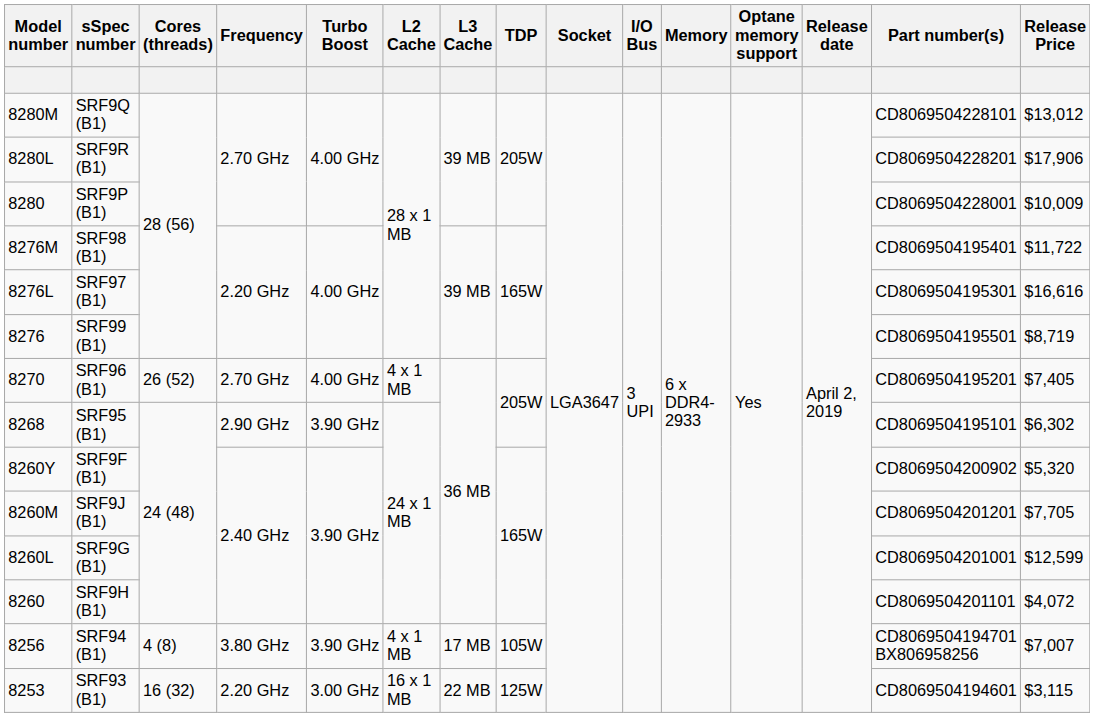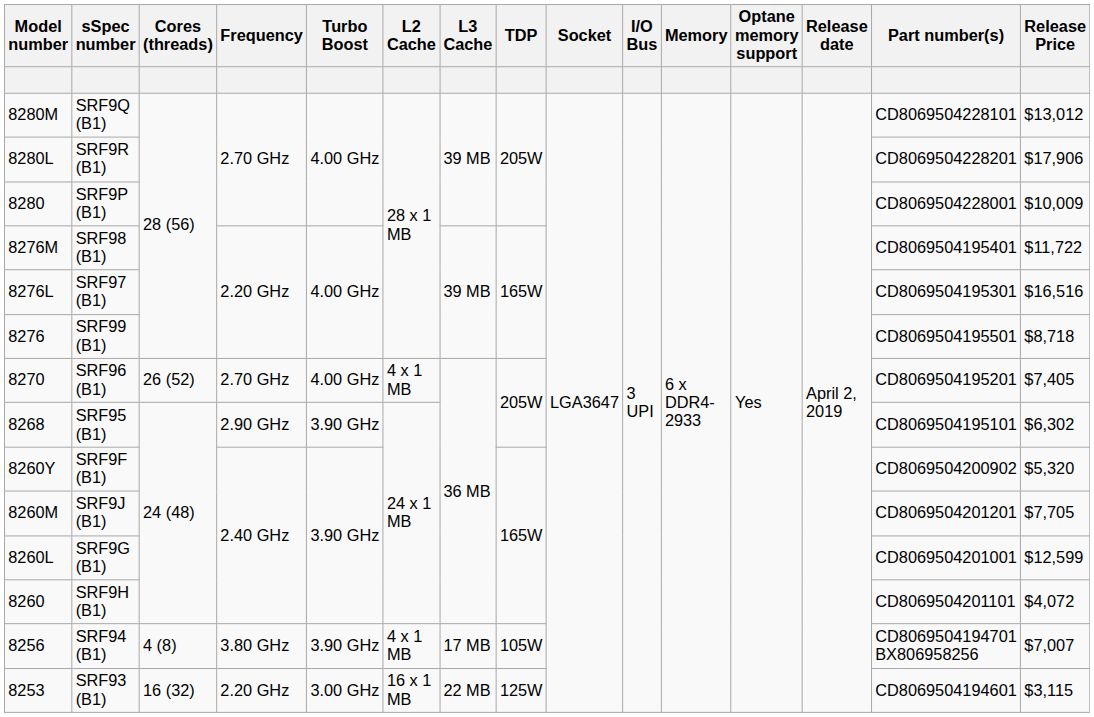 <table class="wikitable sortable hover-highlight">
 <tr>
 <th>Model number</th>
 <th>sSpec number</th>
 <th>Cores (threads)</th>
 <th>Frequency</th>
 <th>Turbo Boost</th>
 <th>L2 Cache</th>
 <th>L3 Cache</th>
 <th>TDP</th>
 <th>Socket</th>
 <th>I/O Bus</th>
 <th>Memory</th>
 <th>Optane memory support</th>
 <th>Release date</th>
 <th>Part number(s)</th>
 <th>Release Price</th>
 </tr>
 <tr>
 <th style="background-position:center"><br></th>
 <th style="background-position:center"></th>
 <th style="background-position:center"></th>
 <th style="background-position:center"></th>
 <th style="background-position:center"></th>
 <th style="background-position:center"></th>
 <th style="background-position:center"></th>
 <th style="background-position:center"></th>
 <th style="background-position:center"></th>
 <th style="background-position:center"></th>
 <th style="background-position:center"></th>
 <th style="background-position:center"></th>
 <th style="background-position:center"></th>
 <th style="background-position:center"></th>
 <th style="background-position:center"></th>
 </tr>
 <tr>
 <td>8280M</td>
 <td>SRF9Q (B1)</td>
 <td rowspan="6">28 (56)</td>
 <td rowspan="3">2.70 GHz</td>
 <td rowspan="3">4.00 GHz</td>
 <td rowspan="6">28 x 1 MB</td>
 <td rowspan="3">39 MB</td>
 <td rowspan="3">205W</td>
 <td rowspan="14">LGA3647</td>
 <td rowspan="14">3 UPI</td>
 <td rowspan="14">6 x DDR4-2933</td>
 <td rowspan="14">Yes</td>
 <td rowspan="14">April 2, 2019</td>
 <td>CD8069504228101</td>
 <td>$13,012</td>
 </tr>
 <tr>
 <td>8280L</td>
 <td>SRF9R (B1)</td>
 <td>CD8069504228201</td>
 <td>$17,906</td>
 </tr>
 <tr>
 <td>8280</td>
 <td>SRF9P (B1)</td>
 <td>CD8069504228001</td>
 <td>$10,009</td>
 </tr>
 <tr>
 <td>8276M</td>
 <td>SRF98 (B1)</td>
 <td rowspan="3">2.20 GHz</td>
 <td rowspan="3">4.00 GHz</td>
 <td rowspan="3">39 MB</td>
 <td rowspan="3">165W</td>
 <td>CD8069504195401</td>
 <td>$11,722</td>
 </tr>
 <tr>
 <td>8276L</td>
 <td>SRF97 (B1)</td>
 <td>CD8069504195301</td>
-<td>$16,616</td>
+<td>$16,516</td>
 </tr>
 <tr>
 <td>8276</td>
 <td>SRF99 (B1)</td>
 <td>CD8069504195501</td>
-<td>$8,719</td>
+<td>$8,718</td>
 </tr>
 <tr>
 <td>8270</td>
 <td>SRF96 (B1)</td>
 <td>26 (52)</td>
 <td>2.70 GHz</td>
 <td>4.00 GHz</td>
 <td>4 x 1 MB</td>
 <td rowspan="6">36 MB</td>
 <td rowspan="2">205W</td>
 <td>CD8069504195201</td>
 <td>$7,405</td>
 </tr>
 <tr>
 <td>8268</td>
 <td>SRF95 (B1)</td>
 <td rowspan="5">24 (48)</td>
 <td>2.90 GHz</td>
 <td>3.90 GHz</td>
 <td rowspan="5">24 x 1 MB</td>
 <td>CD8069504195101</td>
 <td>$6,302</td>
 </tr>
 <tr>
 <td>8260Y</td>
 <td>SRF9F (B1)</td>
 <td rowspan="4">2.40 GHz</td>
 <td rowspan="4">3.90 GHz</td>
 <td rowspan="4">165W</td>
 <td>CD8069504200902</td>
 <td>$5,320</td>
 </tr>
 <tr>
 <td>8260M</td>
 <td>SRF9J (B1)</td>
 <td>CD8069504201201</td>
 <td>$7,705</td>
 </tr>
 <tr>
 <td>8260L</td>
 <td>SRF9G (B1)</td>
 <td>CD8069504201001</td>
 <td>$12,599</td>
 </tr>
 <tr>
 <td>8260</td>
 <td>SRF9H (B1)</td>
 <td>CD8069504201101</td>
 <td>$4,072</td>
 </tr>
 <tr>
 <td>8256</td>
 <td>SRF94 (B1)</td>
 <td>4 (8)</td>
 <td>3.80 GHz</td>
 <td>3.90 GHz</td>
 <td>4 x 1 MB</td>
 <td>17 MB</td>
 <td>105W</td>
 <td>CD8069504194701<br>BX806958256</td>
 <td>$7,007</td>
 </tr>
 <tr>
 <td>8253</td>
 <td>SRF93 (B1)</td>
 <td>16 (32)</td>
 <td>2.20 GHz</td>
 <td>3.00 GHz</td>
 <td>16 x 1 MB</td>
 <td>22 MB</td>
 <td>125W</td>
 <td>CD8069504194601</td>
 <td>$3,115</td>
 </tr>
 </table>
